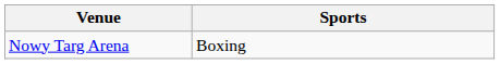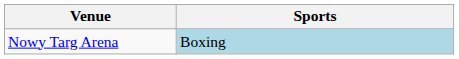 <table class="wikitable sortable">
 <tr>
 <th width="170">Venue</th>
 <th width="278">Sports</th>
 </tr>
 <tr>
 <td><a href='#'>Nowy Targ Arena</a></td>
-<td>Boxing</td>
+<td style="background: lightblue;">Boxing</td>
 </tr>
 </table>
